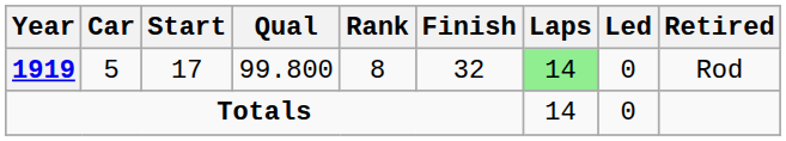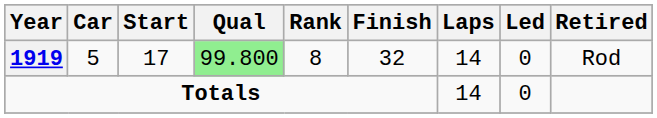 <table class="wikitable" style="text-align:center">
 <tr>
 <th>Year</th>
 <th>Car</th>
 <th>Start</th>
 <th>Qual</th>
 <th>Rank</th>
 <th>Finish</th>
 <th>Laps</th>
 <th>Led</th>
 <th>Retired</th>
 </tr>
 <tr>
 <th><a href='#'>1919</a></th>
 <td>5</td>
 <td>17</td>
-<td>99.800</td>
+<td style="background: lightgreen;">99.800</td>
 <td>8</td>
 <td>32</td>
-<td style="background: lightgreen;">14</td>
+<td>14</td>
 <td>0</td>
 <td>Rod</td>
 </tr>
 <tr>
 <td colspan=6><strong>Totals</strong></td>
 <td>14</td>
 <td>0</td>
 <td></td>
 </tr>
 </table>
